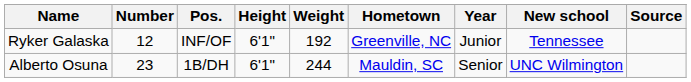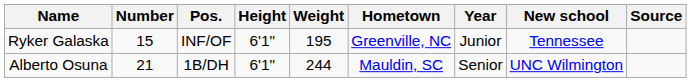 <table class="wikitable sortable" style="text-align: center">
 <tr>
 </tr>
 <tr>
 <th>Name</th>
 <th>Number</th>
 <th>Pos.</th>
 <th>Height</th>
 <th>Weight</th>
 <th>Hometown</th>
 <th>Year</th>
 <th>New school</th>
 <th>Source</th>
 </tr>
 <tr>
 <td>Ryker Galaska</td>
-<td>12</td>
+<td>15</td>
 <td>INF/OF</td>
 <td>6'1"</td>
-<td>192</td>
+<td>195</td>
 <td><a href='#'>Greenville, NC</a></td>
 <td>Junior</td>
 <td><a href='#'>Tennessee</a></td>
 <td></td>
 </tr>
 <tr>
 <td>Alberto Osuna</td>
-<td>23</td>
+<td>21</td>
 <td>1B/DH</td>
 <td>6'1"</td>
 <td>244</td>
 <td><a href='#'>Mauldin, SC</a></td>
 <td>Senior</td>
 <td><a href='#'>UNC Wilmington</a></td>
 <td></td>
 </tr>
 </table>
